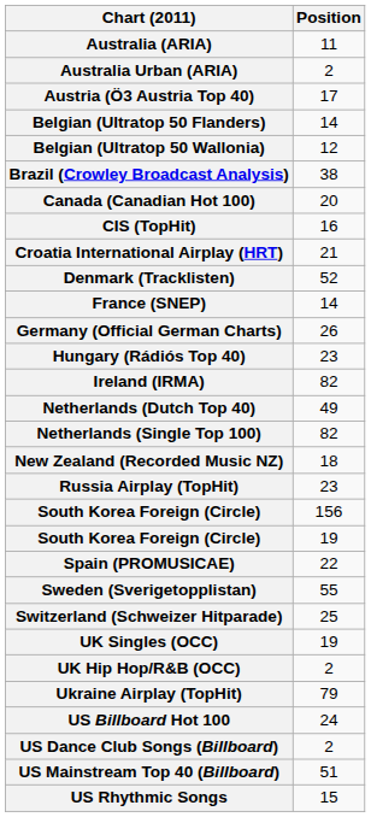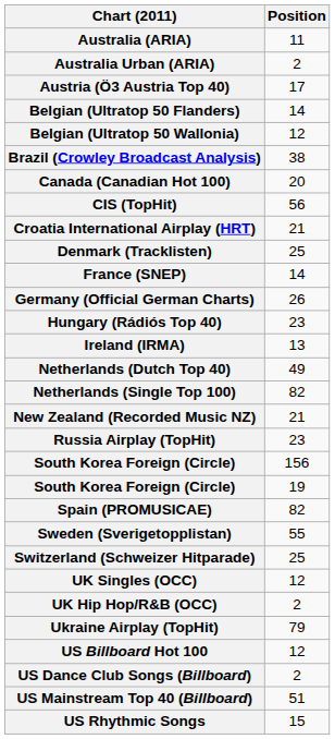 <table class="wikitable sortable plainrowheaders" style="text-align:center">
 <tr>
 <th scope="col">Chart (2011)</th>
 <th scope="col">Position</th>
 </tr>
 <tr>
 <th scope="row">Australia (ARIA)</th>
 <td>11</td>
 </tr>
 <tr>
 <th scope="row">Australia Urban (ARIA)</th>
 <td>2</td>
 </tr>
 <tr>
 <th scope="row">Austria (Ö3 Austria Top 40)</th>
 <td>17</td>
 </tr>
 <tr>
 <th scope="row">Belgian (Ultratop 50 Flanders)</th>
 <td>14</td>
 </tr>
 <tr>
 <th scope="row">Belgian (Ultratop 50 Wallonia)</th>
 <td>12</td>
 </tr>
 <tr>
 <th scope="row">Brazil (<a href='#'>Crowley Broadcast Analysis</a>)<br></th>
 <td>38</td>
 </tr>
 <tr>
 <th scope="row">Canada (Canadian Hot 100)</th>
 <td>20</td>
 </tr>
 <tr>
 <th scope="row">CIS (TopHit)</th>
-<td>16</td>
+<td>56</td>
 </tr>
 <tr>
 <th scope="row">Croatia International Airplay (<a href='#'>HRT</a>)</th>
 <td style="text-align:center;">21</td>
 </tr>
 <tr>
 <th scope="row">Denmark (Tracklisten)</th>
-<td>52</td>
+<td>25</td>
 </tr>
 <tr>
 <th scope="row">France (SNEP)</th>
 <td>14</td>
 </tr>
 <tr>
 <th scope="row">Germany (Official German Charts)</th>
 <td>26</td>
 </tr>
 <tr>
 <th scope="row">Hungary (Rádiós Top 40)</th>
 <td>23</td>
 </tr>
 <tr>
 <th scope="row">Ireland (IRMA)</th>
-<td>82</td>
+<td>13</td>
 </tr>
 <tr>
 <th scope="row">Netherlands (Dutch Top 40)</th>
 <td>49</td>
 </tr>
 <tr>
 <th scope="row">Netherlands (Single Top 100)</th>
 <td>82</td>
 </tr>
 <tr>
 <th scope="row">New Zealand (Recorded Music NZ)</th>
-<td>18</td>
+<td>21</td>
 </tr>
 <tr>
 <th scope="row">Russia Airplay (TopHit)</th>
 <td>23</td>
 </tr>
 <tr>
 <th scope="row">South Korea Foreign (Circle)<br></th>
 <td>156</td>
 </tr>
 <tr>
 <th scope="row">South Korea Foreign (Circle)<br></th>
 <td>19</td>
 </tr>
 <tr>
 <th scope="row">Spain (PROMUSICAE)</th>
-<td>22</td>
+<td>82</td>
 </tr>
 <tr>
 <th scope="row">Sweden (Sverigetopplistan)</th>
 <td>55</td>
 </tr>
 <tr>
 <th scope="row">Switzerland (Schweizer Hitparade)</th>
 <td>25</td>
 </tr>
 <tr>
 <th scope="row">UK Singles (OCC)</th>
-<td>19</td>
+<td>12</td>
 </tr>
 <tr>
 <th scope="row">UK Hip Hop/R&B (OCC)</th>
 <td>2</td>
 </tr>
 <tr>
 <th scope="row">Ukraine Airplay (TopHit)</th>
 <td>79</td>
 </tr>
 <tr>
 <th scope="row">US <em>Billboard</em> Hot 100</th>
-<td>24</td>
+<td>12</td>
 </tr>
 <tr>
 <th scope="row">US Dance Club Songs (<em>Billboard</em>)</th>
 <td>2</td>
 </tr>
 <tr>
 <th scope="row">US Mainstream Top 40 (<em>Billboard</em>)</th>
 <td>51</td>
 </tr>
 <tr>
 <th scope="row">US Rhythmic Songs</th>
 <td>15</td>
 </tr>
 </table>
